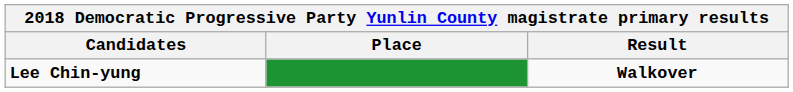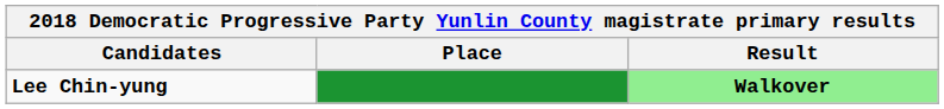 <table class="wikitable collapsible" style="margin:1em auto;">
 <tr>
 <th colspan="5" width=600>2018 Democratic Progressive Party <a href='#'>Yunlin County</a> magistrate primary results</th>
 </tr>
 <tr>
 <th width=80>Candidates</th>
 <th width=80>Place</th>
 <th width=80>Result</th>
 </tr>
 <tr>
 <td><strong>Lee Chin-yung</strong></td>
 <td style="background: #1B9431; text-align:center"><strong></strong></td>
-<td style="text-align:center"><strong>Walkover</strong></td>
+<td style="background: lightgreen; text-align:center"><strong>Walkover</strong></td>
 </tr>
 </table>
